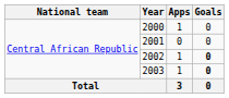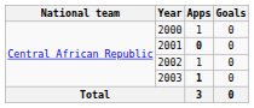 <table class="wikitable" style="text-align:center">
 <tr>
 <th>National team</th>
 <th>Year</th>
 <th>Apps</th>
 <th>Goals</th>
 </tr>
 <tr>
 <td rowspan="4"><a href='#'>Central African Republic</a></td>
 <td>2000</td>
 <td>1</td>
 <td>0</td>
 </tr>
 <tr>
 <td>2001</td>
-<td>0</td>
+<td><strong>0</strong></td>
 <td>0</td>
 </tr>
 <tr>
 <td>2002</td>
 <td>1</td>
-<td><strong>0</strong></td>
+<td>0</td>
 </tr>
 <tr>
 <td>2003</td>
-<td>1</td>
-<td><strong>0</strong></td>
+<td><strong>1</strong></td>
+<td>0</td>
 </tr>
 <tr>
 <th colspan="2">Total</th>
 <th>3</th>
 <th>0</th>
 </tr>
 </table>
